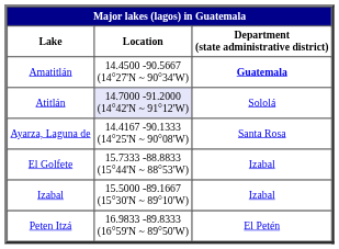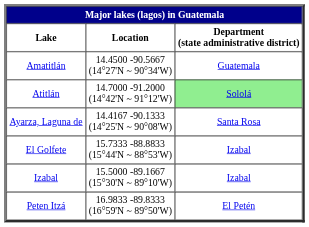 <table align=left border=4 cellspacing=0 cellpadding=4>
 <tr>
 <th align="center" colspan="4" bgcolor="darkblue" style="color:white">Major lakes (lagos) in Guatemala</th>
 </tr>
 <tr>
 <th align="center" colspan="1">Lake</th>
 <th align="center" colspan="1">Location</th>
 <th align="center" colspan="1">Department<br>(state administrative district)</th>
 </tr>
 <tr>
 <td align="center"><a href='#'>Amatitlán</a></td>
 <td align="center">14.4500 -90.5667<br>(14°27'N ~ 90°34'W)</td>
-<td align="center"><strong><a href='#'>Guatemala</a></strong></td>
+<td align="center"><a href='#'>Guatemala</a></td>
 </tr>
 <tr>
 <td align="center"><a href='#'>Atitlán</a></td>
-<td align="center" style="background: lavender;">14.7000 -91.2000<br>(14°42'N ~ 91°12'W)</td>
-<td align="center"><a href='#'>Sololá</a></td>
+<td align="center">14.7000 -91.2000<br>(14°42'N ~ 91°12'W)</td>
+<td align="center" style="background: lightgreen;"><a href='#'>Sololá</a></td>
 </tr>
 <tr>
 <td align="center"><a href='#'>Ayarza, Laguna de</a></td>
 <td align="center">14.4167 -90.1333<br>(14°25'N ~ 90°08'W)</td>
 <td align="center"><a href='#'>Santa Rosa</a></td>
 </tr>
 <tr>
 <td align="center"><a href='#'>El Golfete</a></td>
 <td align="center">15.7333 -88.8833<br>(15°44'N ~ 88°53'W)</td>
 <td align="center"><a href='#'>Izabal</a></td>
 </tr>
 <tr>
 <td align="center"><a href='#'>Izabal</a></td>
 <td align="center">15.5000 -89.1667<br>(15°30'N ~ 89°10'W)</td>
 <td align="center"><a href='#'>Izabal</a></td>
 </tr>
 <tr>
 <td align="center"><a href='#'>Peten Itzá</a></td>
 <td align="center">16.9833 -89.8333<br>(16°59'N ~ 89°50'W)</td>
 <td align="center"><a href='#'>El Petén</a></td>
 </tr>
 <tr>
 </tr>
 </table>
